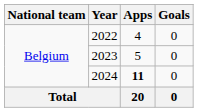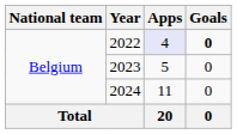 <table class="wikitable" style="text-align: center;">
 <tr>
 <th>National team</th>
 <th>Year</th>
 <th>Apps</th>
 <th>Goals</th>
 </tr>
 <tr>
 <td rowspan="3"><a href='#'>Belgium</a></td>
 <td>2022</td>
-<td>4</td>
-<td>0</td>
+<td style="background: lavender;">4</td>
+<td><strong>0</strong></td>
 </tr>
 <tr>
 <td>2023</td>
 <td>5</td>
 <td>0</td>
 </tr>
 <tr>
 <td>2024</td>
-<td><strong>11</strong></td>
+<td>11</td>
 <td>0</td>
 </tr>
 <tr>
 <th colspan="2">Total</th>
 <th>20</th>
 <th>0</th>
 </tr>
 </table>
